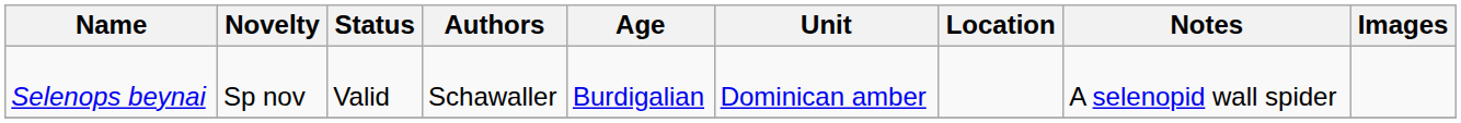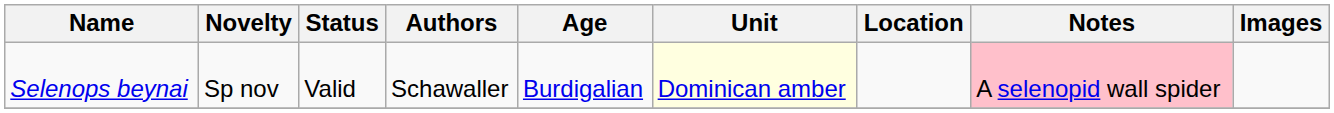 <table class="wikitable sortable" align="center" width="100%">
 <tr>
 <th>Name</th>
 <th>Novelty</th>
 <th>Status</th>
 <th>Authors</th>
 <th>Age</th>
 <th>Unit</th>
 <th>Location</th>
 <th>Notes</th>
 <th>Images</th>
 </tr>
 <tr>
 <td><br><em><a href='#'>Selenops beynai</a></em></td>
 <td><br>Sp nov</td>
 <td><br>Valid</td>
 <td><br>Schawaller</td>
 <td><br><a href='#'>Burdigalian</a></td>
-<td><br><a href='#'>Dominican amber</a></td>
+<td style="background: lightyellow;"><br><a href='#'>Dominican amber</a></td>
 <td><br></td>
-<td><br>A <a href='#'>selenopid</a> wall spider</td>
+<td style="background: pink;"><br>A <a href='#'>selenopid</a> wall spider</td>
 <td><br></td>
 </tr>
 <tr>
 </tr>
 </table>
